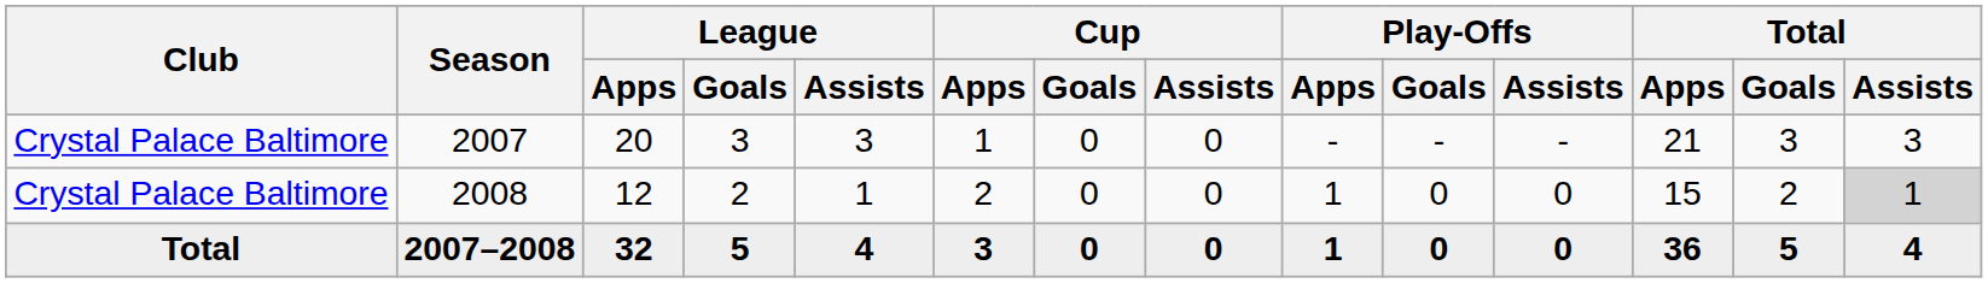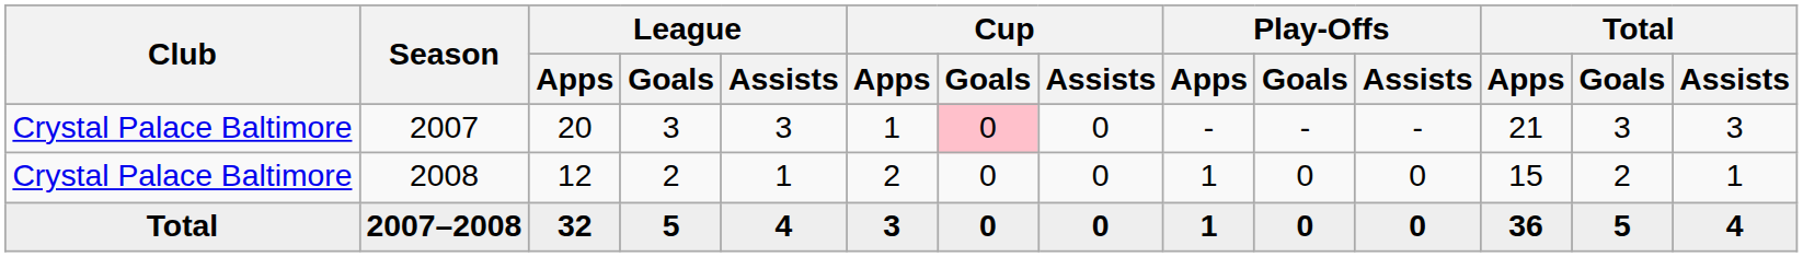 <table class="wikitable" style="text-align: center;">
 <tr>
 <th rowspan="2">Club</th>
 <th rowspan="2">Season</th>
 <th colspan="3">League</th>
 <th colspan="3">Cup</th>
 <th colspan="3">Play-Offs</th>
 <th colspan="3">Total</th>
 </tr>
 <tr>
 <th>Apps</th>
 <th>Goals</th>
 <th>Assists</th>
 <th>Apps</th>
 <th>Goals</th>
 <th>Assists</th>
 <th>Apps</th>
 <th>Goals</th>
 <th>Assists</th>
 <th>Apps</th>
 <th>Goals</th>
 <th>Assists</th>
 </tr>
 <tr>
 <td rowspan="1" valign="top"><a href='#'>Crystal Palace Baltimore</a></td>
 <td>2007</td>
 <td>20</td>
 <td>3</td>
 <td>3</td>
 <td>1</td>
-<td>0</td>
+<td style="background: pink;">0</td>
 <td>0</td>
 <td>-</td>
 <td>-</td>
 <td>-</td>
 <td>21</td>
 <td>3</td>
 <td>3</td>
 </tr>
 <tr>
 <td><a href='#'>Crystal Palace Baltimore</a></td>
 <td>2008</td>
 <td>12</td>
 <td>2</td>
 <td>1</td>
 <td>2</td>
 <td>0</td>
 <td>0</td>
 <td>1</td>
 <td>0</td>
 <td>0</td>
 <td>15</td>
 <td>2</td>
-<td style="background: lightgrey;">1</td>
+<td>1</td>
 </tr>
 <tr style="font-weight:bold; background-color:#eeeeee;">
 <td><strong>Total</strong></td>
 <td>2007–2008</td>
 <td>32</td>
 <td>5</td>
 <td>4</td>
 <td>3</td>
 <td>0</td>
 <td>0</td>
 <td>1</td>
 <td>0</td>
 <td>0</td>
 <td>36</td>
 <td>5</td>
 <td>4</td>
 </tr>
 </table>
